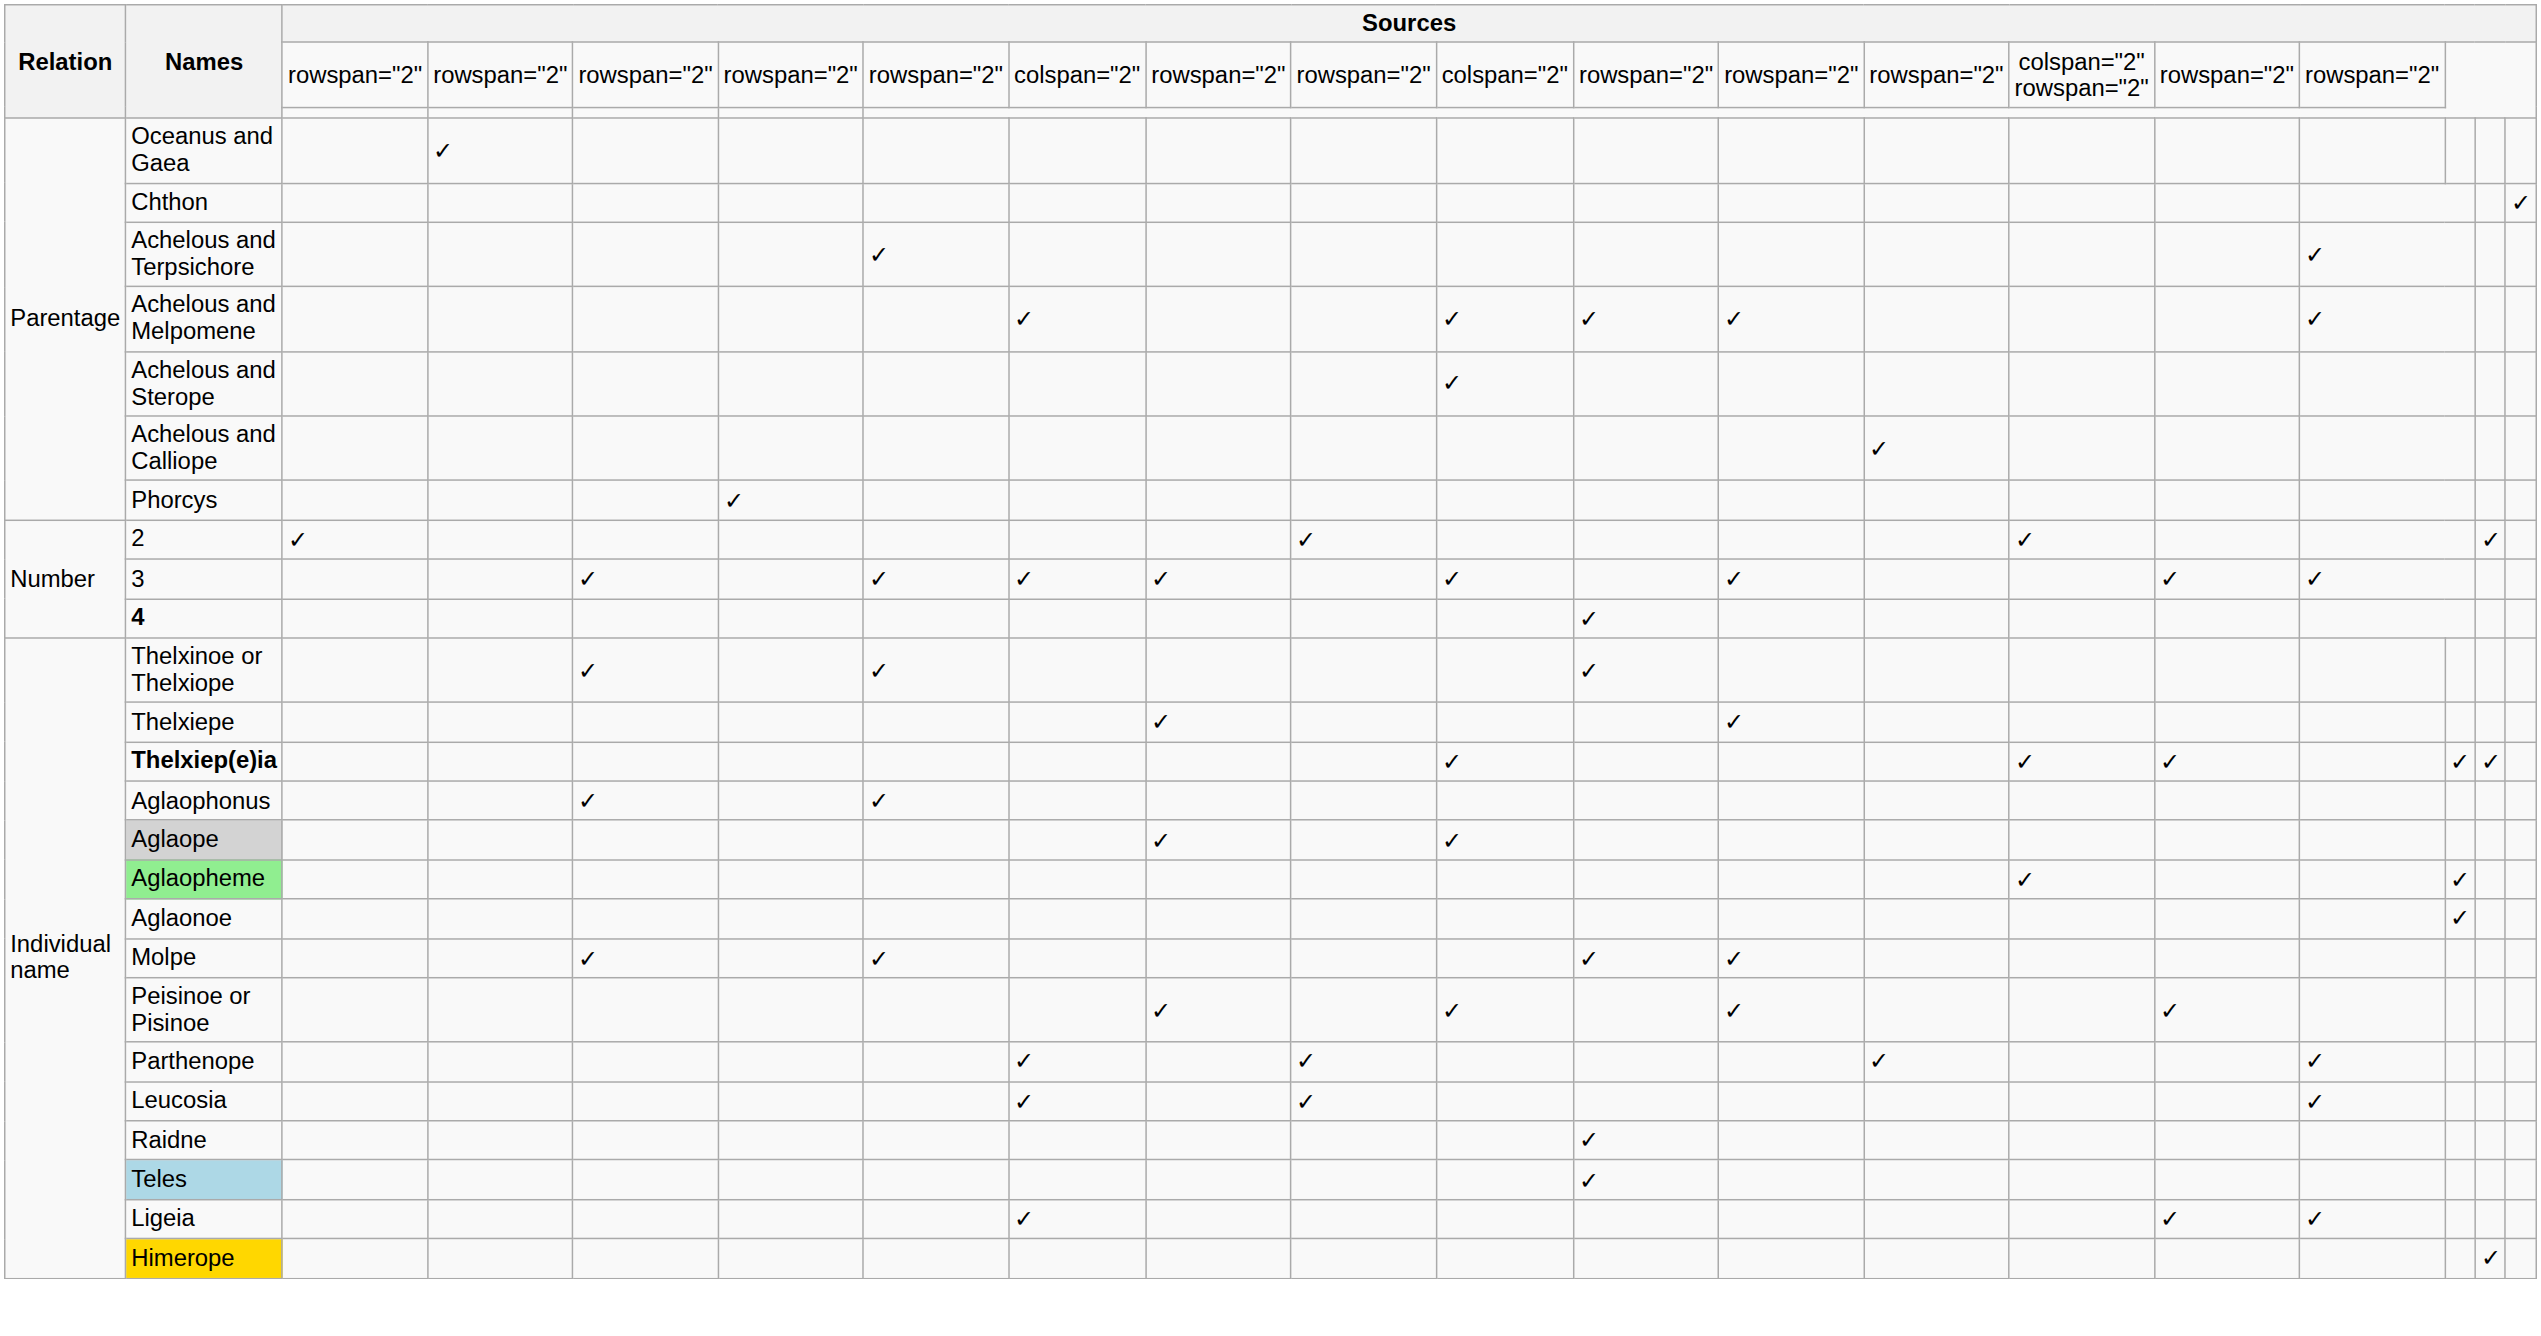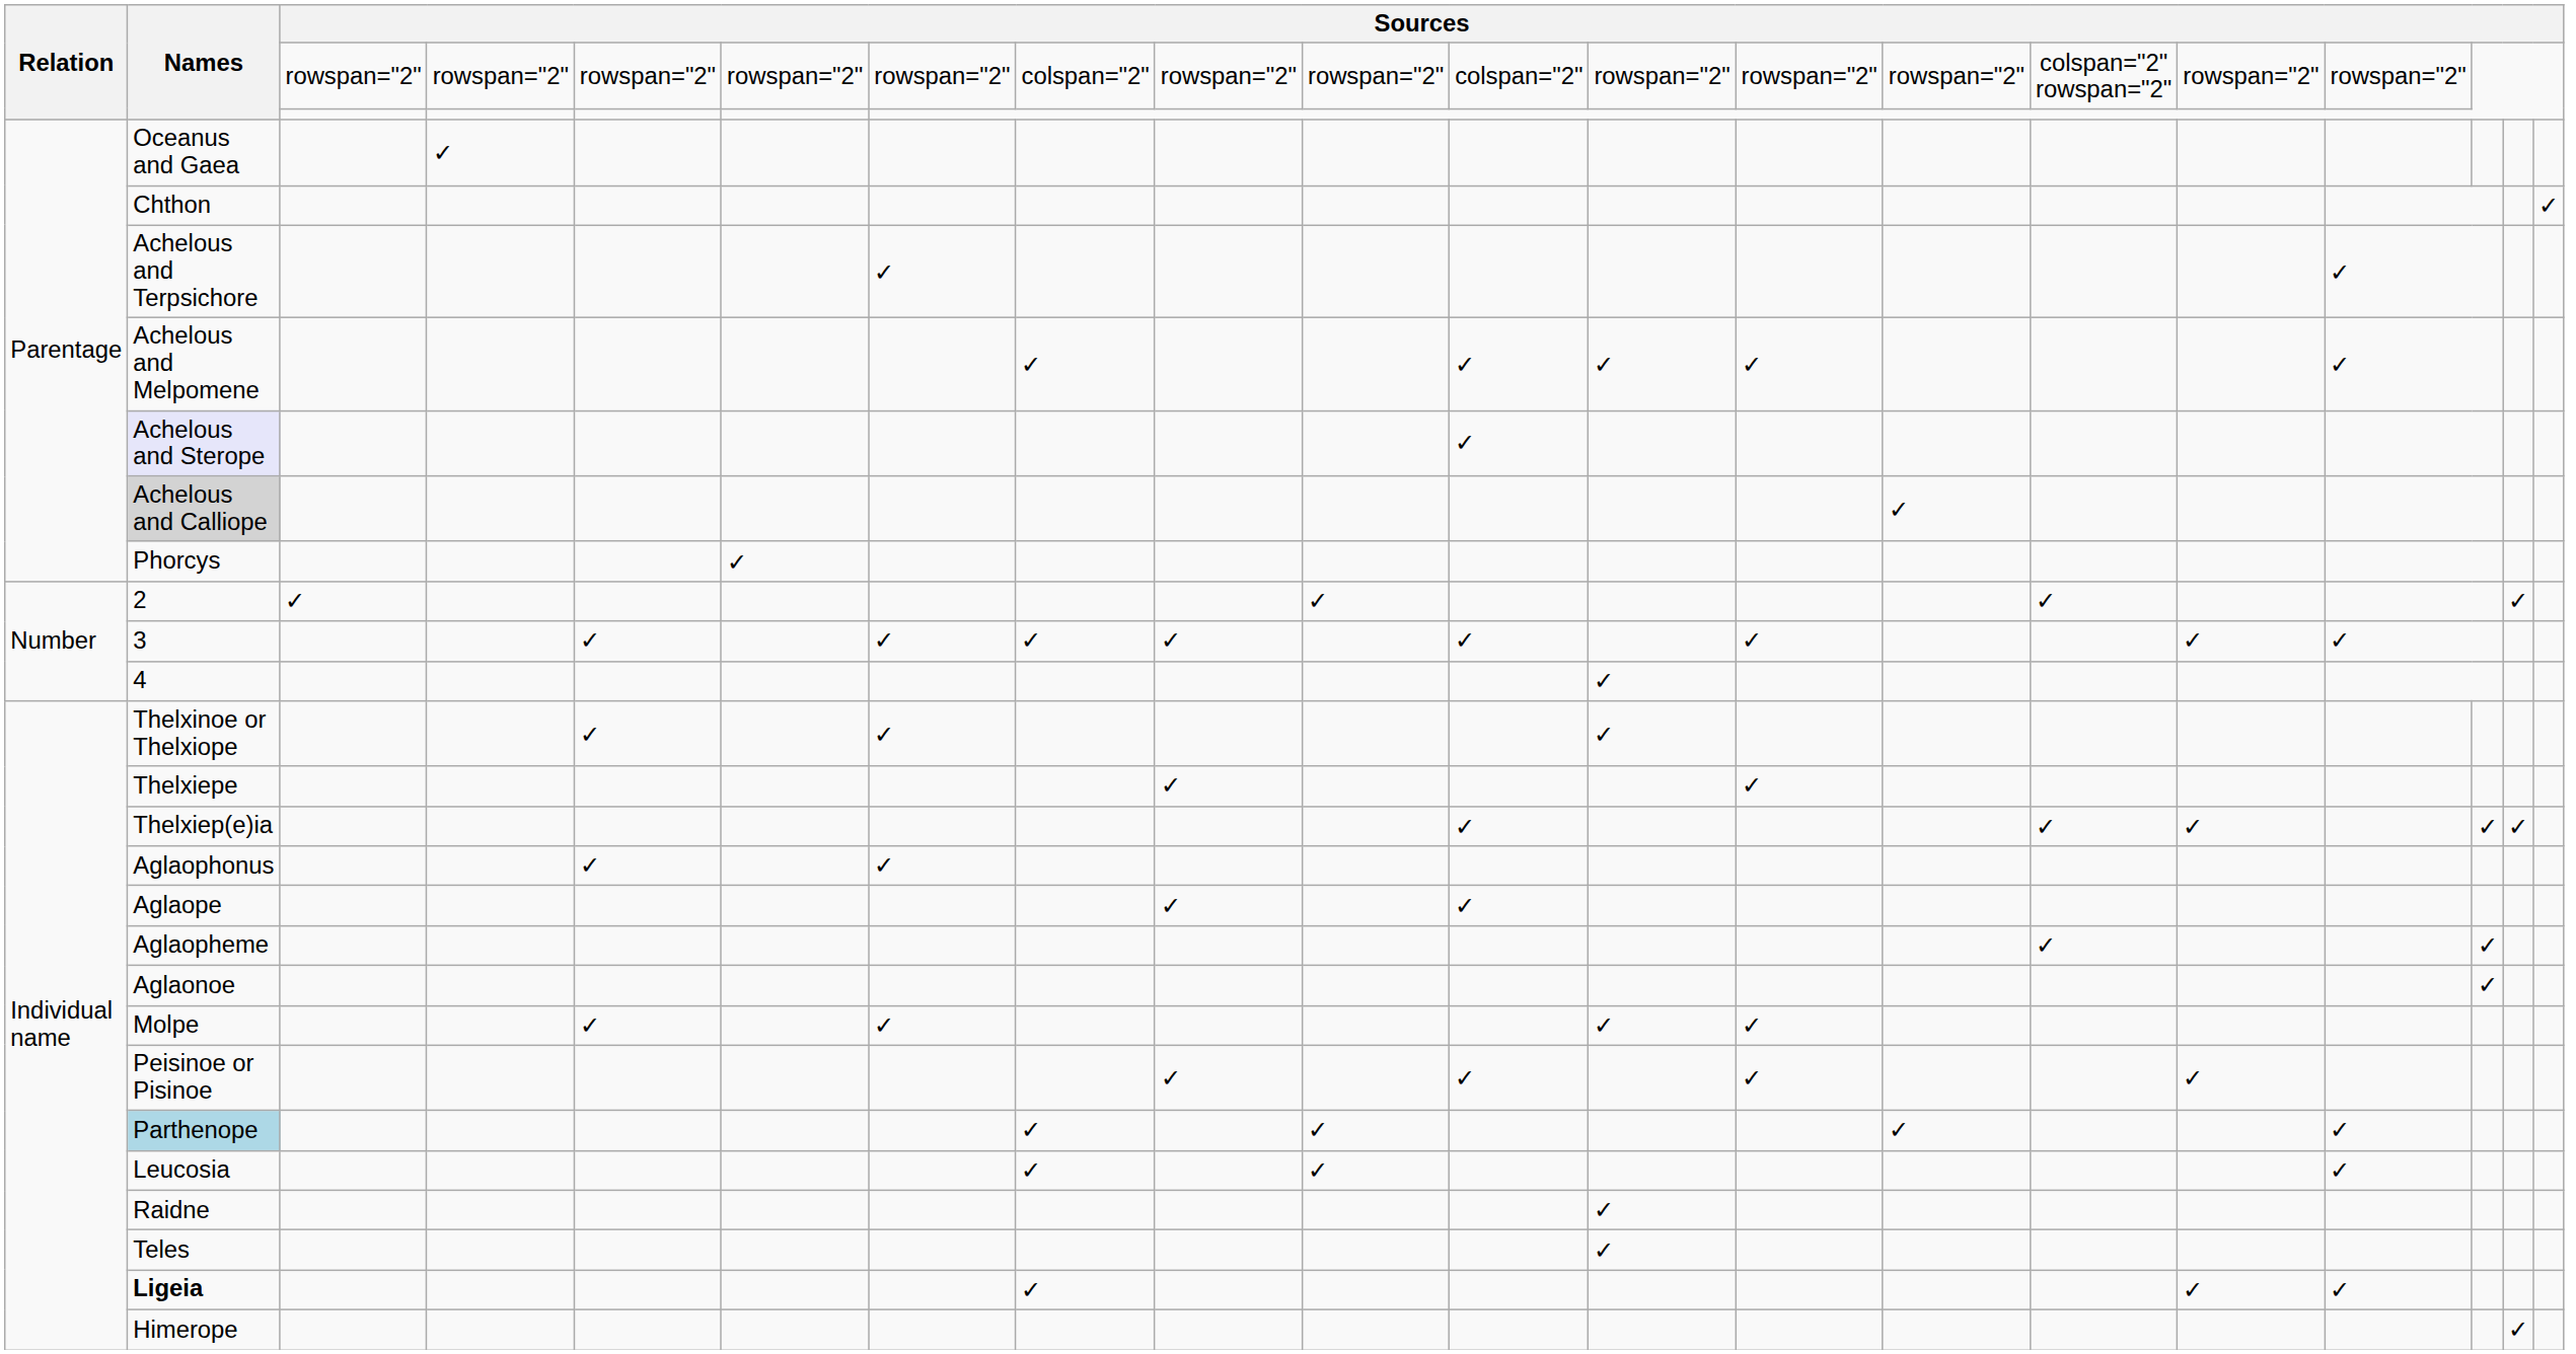 <table class="wikitable">
 <tr>
 <th rowspan="3">Relation</th>
 <th rowspan="3">Names</th>
 <th colspan="18">Sources</th>
 </tr>
 <tr style="text-align:center">
 <td>rowspan="2" </td>
 <td>rowspan="2" </td>
 <td>rowspan="2" </td>
 <td>rowspan="2" </td>
 <td>rowspan="2" </td>
 <td>colspan="2" </td>
 <td>rowspan="2" </td>
 <td>rowspan="2" </td>
 <td>colspan="2" </td>
 <td>rowspan="2" </td>
 <td>rowspan="2" </td>
 <td>rowspan="2" </td>
 <td>colspan="2" rowspan="2" </td>
 <td>rowspan="2" </td>
 <td>rowspan="2" </td>
 </tr>
 <tr>
 <td></td>
 <td></td>
 <td></td>
 <td></td>
 </tr>
 <tr>
 <td rowspan="7">Parentage</td>
 <td>Oceanus and Gaea</td>
 <td></td>
 <td>✓</td>
 <td></td>
 <td></td>
 <td></td>
 <td></td>
 <td></td>
 <td></td>
 <td></td>
 <td></td>
 <td></td>
 <td></td>
 <td></td>
 <td></td>
 <td></td>
 <td></td>
 <td></td>
 <td></td>
 </tr>
 <tr>
 <td>Chthon</td>
 <td></td>
 <td></td>
 <td></td>
 <td></td>
 <td></td>
 <td></td>
 <td></td>
 <td></td>
 <td></td>
 <td></td>
 <td></td>
 <td></td>
 <td></td>
 <td></td>
 <td colspan="2"></td>
 <td></td>
 <td>✓</td>
 </tr>
 <tr>
 <td>Achelous and Terpsichore</td>
 <td></td>
 <td></td>
 <td></td>
 <td></td>
 <td>✓</td>
 <td></td>
 <td></td>
 <td></td>
 <td></td>
 <td></td>
 <td></td>
 <td></td>
 <td></td>
 <td></td>
 <td colspan="2">✓</td>
 <td></td>
 <td></td>
 </tr>
 <tr>
 <td>Achelous and Melpomene</td>
 <td></td>
 <td></td>
 <td></td>
 <td></td>
 <td></td>
 <td>✓</td>
 <td></td>
 <td></td>
 <td>✓</td>
 <td>✓</td>
 <td>✓</td>
 <td></td>
 <td></td>
 <td></td>
 <td colspan="2">✓</td>
 <td></td>
 <td></td>
 </tr>
 <tr>
-<td>Achelous and Sterope</td>
+<td style="background: lavender;">Achelous and Sterope</td>
 <td></td>
 <td></td>
 <td></td>
 <td></td>
 <td></td>
 <td></td>
 <td></td>
 <td></td>
 <td>✓</td>
 <td></td>
 <td></td>
 <td></td>
 <td></td>
 <td></td>
 <td colspan="2"></td>
 <td></td>
 <td></td>
 </tr>
 <tr>
-<td>Achelous and Calliope</td>
+<td style="background: lightgrey;">Achelous and Calliope</td>
 <td></td>
 <td></td>
 <td></td>
 <td></td>
 <td></td>
 <td></td>
 <td></td>
 <td></td>
 <td></td>
 <td></td>
 <td></td>
 <td>✓</td>
 <td></td>
 <td></td>
 <td colspan="2"></td>
 <td></td>
 <td></td>
 </tr>
 <tr>
 <td>Phorcys</td>
 <td></td>
 <td></td>
 <td></td>
 <td>✓</td>
 <td></td>
 <td></td>
 <td></td>
 <td></td>
 <td></td>
 <td></td>
 <td></td>
 <td></td>
 <td></td>
 <td></td>
 <td colspan="2"></td>
 <td></td>
 <td></td>
 </tr>
 <tr>
 <td rowspan="3">Number</td>
 <td>2</td>
 <td>✓</td>
 <td></td>
 <td></td>
 <td></td>
 <td></td>
 <td></td>
 <td></td>
 <td>✓</td>
 <td></td>
 <td></td>
 <td></td>
 <td></td>
 <td>✓</td>
 <td></td>
 <td colspan="2"></td>
 <td>✓</td>
 <td></td>
 </tr>
 <tr>
 <td>3</td>
 <td></td>
 <td></td>
 <td>✓</td>
 <td></td>
 <td>✓</td>
 <td>✓</td>
 <td>✓</td>
 <td></td>
 <td>✓</td>
 <td></td>
 <td>✓</td>
 <td></td>
 <td></td>
 <td>✓</td>
 <td colspan="2">✓</td>
 <td></td>
 <td></td>
 </tr>
 <tr>
-<td><strong>4</strong></td>
+<td>4</td>
 <td></td>
 <td></td>
 <td></td>
 <td></td>
 <td></td>
 <td></td>
 <td></td>
 <td></td>
 <td></td>
 <td>✓</td>
 <td></td>
 <td></td>
 <td></td>
 <td></td>
 <td colspan="2"></td>
 <td></td>
 <td></td>
 </tr>
 <tr>
 <td rowspan="15">Individual name</td>
 <td>Thelxinoe or Thelxiope</td>
 <td></td>
 <td></td>
 <td>✓</td>
 <td></td>
 <td>✓</td>
 <td></td>
 <td></td>
 <td></td>
 <td></td>
 <td>✓</td>
 <td></td>
 <td></td>
 <td></td>
 <td></td>
 <td></td>
 <td></td>
 <td></td>
 <td></td>
 </tr>
 <tr>
 <td>Thelxiepe</td>
 <td></td>
 <td></td>
 <td></td>
 <td></td>
 <td></td>
 <td></td>
 <td>✓</td>
 <td></td>
 <td></td>
 <td></td>
 <td>✓</td>
 <td></td>
 <td></td>
 <td></td>
 <td></td>
 <td></td>
 <td></td>
 <td></td>
 </tr>
 <tr>
-<td><strong>Thelxiep(e)ia</strong></td>
+<td>Thelxiep(e)ia</td>
 <td></td>
 <td></td>
 <td></td>
 <td></td>
 <td></td>
 <td></td>
 <td></td>
 <td></td>
 <td>✓</td>
 <td></td>
 <td></td>
 <td></td>
 <td>✓</td>
 <td>✓</td>
 <td></td>
 <td>✓</td>
 <td>✓</td>
 <td></td>
 </tr>
 <tr>
 <td>Aglaophonus</td>
 <td></td>
 <td></td>
 <td>✓</td>
 <td></td>
 <td>✓</td>
 <td></td>
 <td></td>
 <td></td>
 <td></td>
 <td></td>
 <td></td>
 <td></td>
 <td></td>
 <td></td>
 <td></td>
 <td></td>
 <td></td>
 <td></td>
 </tr>
 <tr>
-<td style="background: lightgrey;">Aglaope</td>
+<td>Aglaope</td>
 <td></td>
 <td></td>
 <td></td>
 <td></td>
 <td></td>
 <td></td>
 <td>✓</td>
 <td></td>
 <td>✓</td>
 <td></td>
 <td></td>
 <td></td>
 <td></td>
 <td></td>
 <td></td>
 <td></td>
 <td></td>
 <td></td>
 </tr>
 <tr>
-<td style="background: lightgreen;">Aglaopheme</td>
+<td>Aglaopheme</td>
 <td></td>
 <td></td>
 <td></td>
 <td></td>
 <td></td>
 <td></td>
 <td></td>
 <td></td>
 <td></td>
 <td></td>
 <td></td>
 <td></td>
 <td>✓</td>
 <td></td>
 <td></td>
 <td>✓</td>
 <td></td>
 <td></td>
 </tr>
 <tr>
 <td>Aglaonoe</td>
 <td></td>
 <td></td>
 <td></td>
 <td></td>
 <td></td>
 <td></td>
 <td></td>
 <td></td>
 <td></td>
 <td></td>
 <td></td>
 <td></td>
 <td></td>
 <td></td>
 <td></td>
 <td>✓</td>
 <td></td>
 <td></td>
 </tr>
 <tr>
 <td>Molpe</td>
 <td></td>
 <td></td>
 <td>✓</td>
 <td></td>
 <td>✓</td>
 <td></td>
 <td></td>
 <td></td>
 <td></td>
 <td>✓</td>
 <td>✓</td>
 <td></td>
 <td></td>
 <td></td>
 <td></td>
 <td></td>
 <td></td>
 <td></td>
 </tr>
 <tr>
 <td>Peisinoe or Pisinoe</td>
 <td></td>
 <td></td>
 <td></td>
 <td></td>
 <td></td>
 <td></td>
 <td>✓</td>
 <td></td>
 <td>✓</td>
 <td></td>
 <td>✓</td>
 <td></td>
 <td></td>
 <td>✓</td>
 <td></td>
 <td></td>
 <td></td>
 <td></td>
 </tr>
 <tr>
-<td>Parthenope</td>
+<td style="background: lightblue;">Parthenope</td>
 <td></td>
 <td></td>
 <td></td>
 <td></td>
 <td></td>
 <td>✓</td>
 <td></td>
 <td>✓</td>
 <td></td>
 <td></td>
 <td></td>
 <td>✓</td>
 <td></td>
 <td></td>
 <td>✓</td>
 <td></td>
 <td></td>
 <td></td>
 </tr>
 <tr>
 <td>Leucosia</td>
 <td></td>
 <td></td>
 <td></td>
 <td></td>
 <td></td>
 <td>✓</td>
 <td></td>
 <td>✓</td>
 <td></td>
 <td></td>
 <td></td>
 <td></td>
 <td></td>
 <td></td>
 <td>✓</td>
 <td></td>
 <td></td>
 <td></td>
 </tr>
 <tr>
 <td>Raidne</td>
 <td></td>
 <td></td>
 <td></td>
 <td></td>
 <td></td>
 <td></td>
 <td></td>
 <td></td>
 <td></td>
 <td>✓</td>
 <td></td>
 <td></td>
 <td></td>
 <td></td>
 <td></td>
 <td></td>
 <td></td>
 <td></td>
 </tr>
 <tr>
-<td style="background: lightblue;">Teles</td>
+<td>Teles</td>
 <td></td>
 <td></td>
 <td></td>
 <td></td>
 <td></td>
 <td></td>
 <td></td>
 <td></td>
 <td></td>
 <td>✓</td>
 <td></td>
 <td></td>
 <td></td>
 <td></td>
 <td></td>
 <td></td>
 <td></td>
 <td></td>
 </tr>
 <tr>
-<td>Ligeia</td>
+<td><strong>Ligeia</strong></td>
 <td></td>
 <td></td>
 <td></td>
 <td></td>
 <td></td>
 <td>✓</td>
 <td></td>
 <td></td>
 <td></td>
 <td></td>
 <td></td>
 <td></td>
 <td></td>
 <td>✓</td>
 <td>✓</td>
 <td></td>
 <td></td>
 <td></td>
 </tr>
 <tr>
-<td style="background: gold;">Himerope</td>
+<td>Himerope</td>
 <td></td>
 <td></td>
 <td></td>
 <td></td>
 <td></td>
 <td></td>
 <td></td>
 <td></td>
 <td></td>
 <td></td>
 <td></td>
 <td></td>
 <td></td>
 <td></td>
 <td></td>
 <td></td>
 <td>✓</td>
 <td></td>
 </tr>
 </table>
